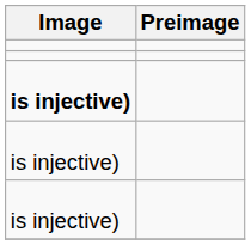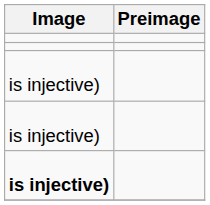 <table class="wikitable">
 <tr>
 <th>Image</th>
 <th>Preimage</th>
 </tr>
 <tr>
 <td></td>
 <td></td>
 </tr>
 <tr>
 <td></td>
 <td></td>
 </tr>
 <tr>
-<td><strong><br> is injective)</strong></td>
-<td></td>
-</tr>
-<tr>
 <td><br> is injective)</td>
 <td></td>
 </tr>
 <tr>
 <td><br> is injective)</td>
 <td></td>
 </tr>
 <tr>
+<td><strong><br> is injective)</strong></td>
+<td></td>
+</tr>
+<tr>
 </tr>
 </table>
